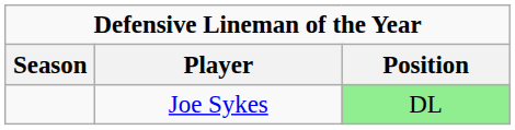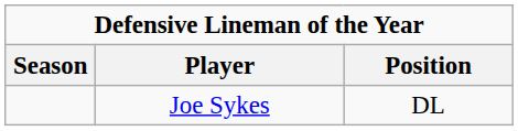 <table class="wikitable sortable" style="text-align:center">
 <tr>
 <td colspan="4"><strong>Defensive Lineman of the Year</strong></td>
 </tr>
 <tr>
 <th style="width:50px; ">Season</th>
 <th style="width:150px; ">Player</th>
 <th style="width:100px; ">Position</th>
 </tr>
 <tr>
 <td></td>
 <td><a href='#'>Joe Sykes</a></td>
-<td style="background: lightgreen;">DL</td>
+<td>DL</td>
 </tr>
 </table>
